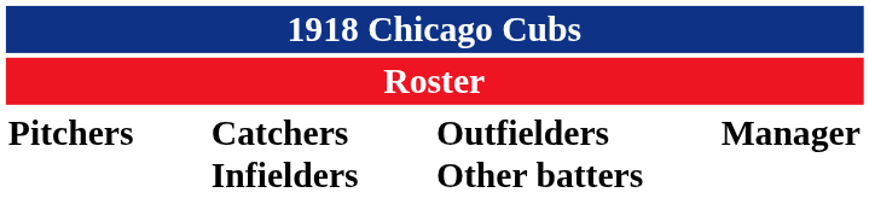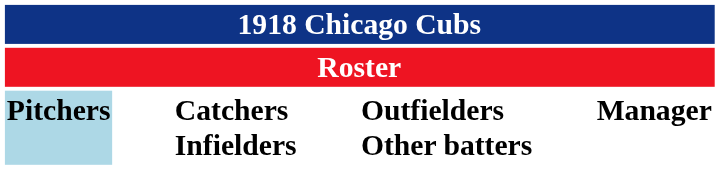 <table class="toccolours" style="font-size: 95%;">
 <tr>
 <th colspan="10" style="background-color: #0e3386; color: white; text-align: center;">1918 Chicago Cubs</th>
 </tr>
 <tr>
 <td colspan="10" style="background-color: #EE1422; color: white; text-align: center;"><strong>Roster</strong></td>
 </tr>
 <tr>
-<td valign="top"><strong>Pitchers</strong><br>          </td>
+<td valign="top" style="background: lightblue;"><strong>Pitchers</strong><br>          </td>
 <td width="25px"></td>
 <td valign="top"><strong>Catchers</strong><br>     <strong>Infielders</strong>        </td>
 <td width="25px"></td>
 <td valign="top"><strong>Outfielders</strong><br>    <strong>Other batters</strong> </td>
 <td width="25px"></td>
 <td valign="top"><strong>Manager</strong><br></td>
 </tr>
 </table>
